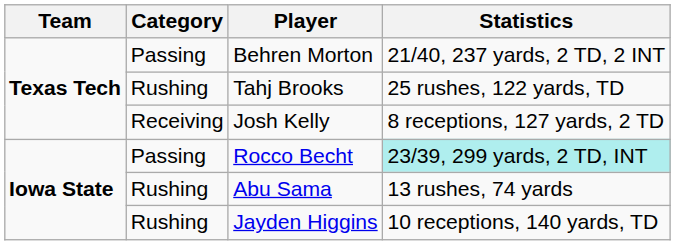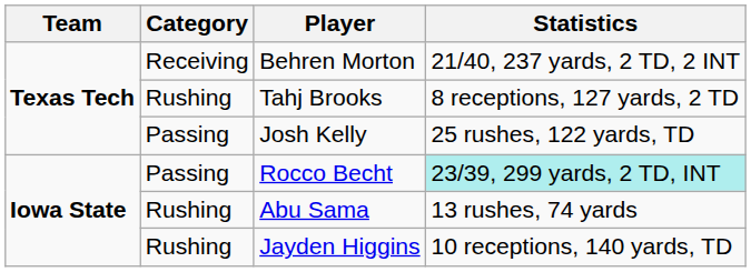 <table class="wikitable" style="float: right;">
 <tr>
 <th>Team</th>
 <th>Category</th>
 <th>Player</th>
 <th>Statistics</th>
 </tr>
 <tr>
 <td rowspan=3><strong>Texas Tech</strong></td>
-<td>Passing</td>
+<td>Receiving</td>
 <td>Behren Morton</td>
 <td>21/40, 237 yards, 2 TD, 2 INT</td>
 </tr>
 <tr>
 <td>Rushing</td>
 <td>Tahj Brooks</td>
-<td>25 rushes, 122 yards, TD</td>
+<td>8 receptions, 127 yards, 2 TD</td>
 </tr>
 <tr>
-<td>Receiving</td>
+<td>Passing</td>
 <td>Josh Kelly</td>
-<td>8 receptions, 127 yards, 2 TD</td>
+<td>25 rushes, 122 yards, TD</td>
 </tr>
 <tr>
 <td rowspan=3><strong>Iowa State</strong></td>
 <td>Passing</td>
 <td><a href='#'>Rocco Becht</a></td>
 <td style="background: paleturquoise;">23/39, 299 yards, 2 TD, INT</td>
 </tr>
 <tr>
 <td>Rushing</td>
 <td><a href='#'>Abu Sama</a></td>
 <td>13 rushes, 74 yards</td>
 </tr>
 <tr>
 <td>Rushing</td>
 <td><a href='#'>Jayden Higgins</a></td>
 <td>10 receptions, 140 yards, TD</td>
 </tr>
 </table>
